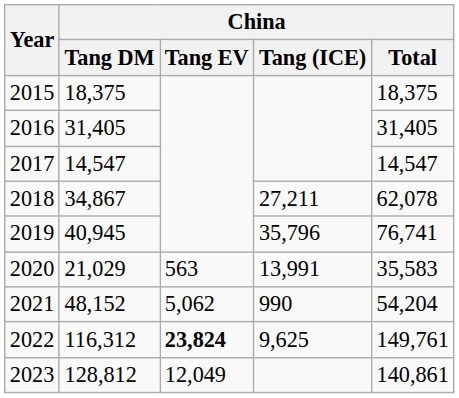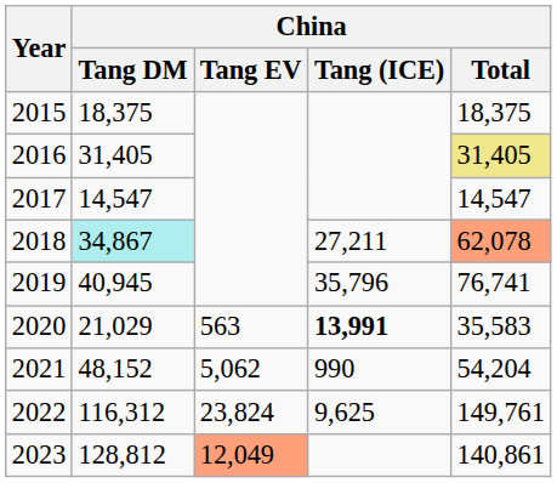 <table class="wikitable">
 <tr>
 <th rowspan="2">Year</th>
 <th colspan="4">China</th>
 </tr>
 <tr>
 <th>Tang DM</th>
 <th>Tang EV</th>
 <th>Tang (ICE)</th>
 <th>Total</th>
 </tr>
 <tr>
 <td>2015</td>
 <td>18,375</td>
 <td rowspan="5"></td>
 <td rowspan="3"></td>
 <td>18,375</td>
 </tr>
 <tr>
 <td>2016</td>
 <td>31,405</td>
-<td>31,405</td>
+<td style="background: khaki;">31,405</td>
 </tr>
 <tr>
 <td>2017</td>
 <td>14,547</td>
 <td>14,547</td>
 </tr>
 <tr>
 <td>2018</td>
-<td>34,867</td>
+<td style="background: paleturquoise;">34,867</td>
 <td>27,211</td>
-<td>62,078</td>
+<td style="background: lightsalmon;">62,078</td>
 </tr>
 <tr>
 <td>2019</td>
 <td>40,945</td>
 <td>35,796</td>
 <td>76,741</td>
 </tr>
 <tr>
 <td>2020</td>
 <td>21,029</td>
 <td>563</td>
-<td>13,991</td>
+<td><strong>13,991</strong></td>
 <td>35,583</td>
 </tr>
 <tr>
 <td>2021</td>
 <td>48,152</td>
 <td>5,062</td>
 <td>990</td>
 <td>54,204</td>
 </tr>
 <tr>
 <td>2022</td>
 <td>116,312</td>
-<td><strong>23,824</strong></td>
+<td>23,824</td>
 <td>9,625</td>
 <td>149,761</td>
 </tr>
 <tr>
 <td>2023</td>
 <td>128,812</td>
-<td>12,049</td>
+<td style="background: lightsalmon;">12,049</td>
 <td></td>
 <td>140,861</td>
 </tr>
 </table>
